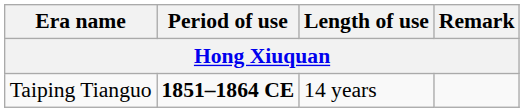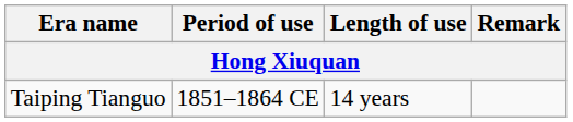 <table class="wikitable">
 <tr>
 <th>Era name</th>
 <th>Period of use</th>
 <th>Length of use</th>
 <th>Remark</th>
 </tr>
 <tr>
 <th colspan="4"><a href='#'>Hong Xiuquan</a><br></th>
 </tr>
 <tr>
 <td>Taiping Tianguo<br></td>
-<td><strong>1851–1864 CE</strong></td>
+<td>1851–1864 CE</td>
 <td>14 years</td>
 <td></td>
 </tr>
 </table>
